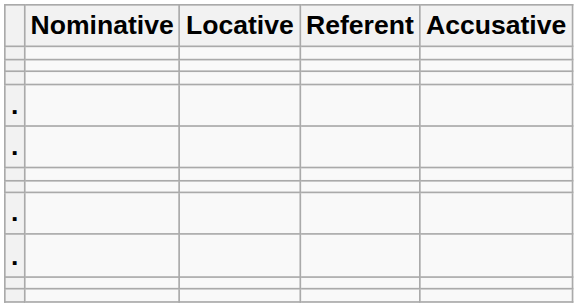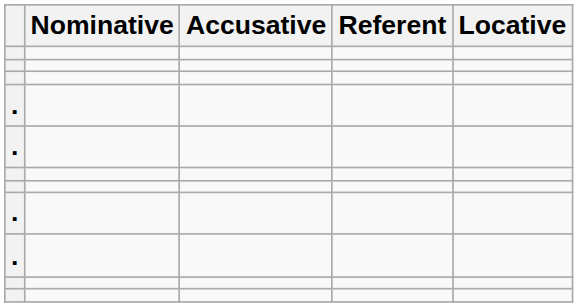 <table class="wikitable" style="margin:auto:" align="center">
 <tr>
 <th></th>
 <th>Nominative</th>
+<th>Accusative</th>
+<th>Referent</th>
 <th>Locative</th>
-<th>Referent</th>
-<th>Accusative</th>
 </tr>
 <tr>
 <th></th>
 <td></td>
 <td></td>
 <td></td>
 <td></td>
 </tr>
 <tr>
 <th></th>
 <td></td>
 <td></td>
 <td></td>
 <td></td>
 </tr>
 <tr>
 <th></th>
 <td></td>
 <td></td>
 <td></td>
 <td></td>
 </tr>
 <tr>
 <th>.</th>
 <td></td>
 <td></td>
 <td></td>
 <td></td>
 </tr>
 <tr>
 <th>.</th>
 <td></td>
 <td></td>
 <td></td>
 <td></td>
 </tr>
 <tr>
 <th></th>
 <td></td>
 <td></td>
 <td></td>
 <td></td>
 </tr>
 <tr>
 <th></th>
 <td></td>
 <td></td>
 <td></td>
 <td></td>
 </tr>
 <tr>
 <th>.</th>
 <td></td>
 <td></td>
 <td></td>
 <td></td>
 </tr>
 <tr>
 <th>.</th>
 <td></td>
 <td></td>
 <td></td>
 <td></td>
 </tr>
 <tr>
 <th></th>
 <td></td>
 <td></td>
 <td></td>
 <td></td>
 </tr>
 <tr>
 <th></th>
 <td></td>
 <td></td>
 <td></td>
 <td></td>
 </tr>
 </table>
